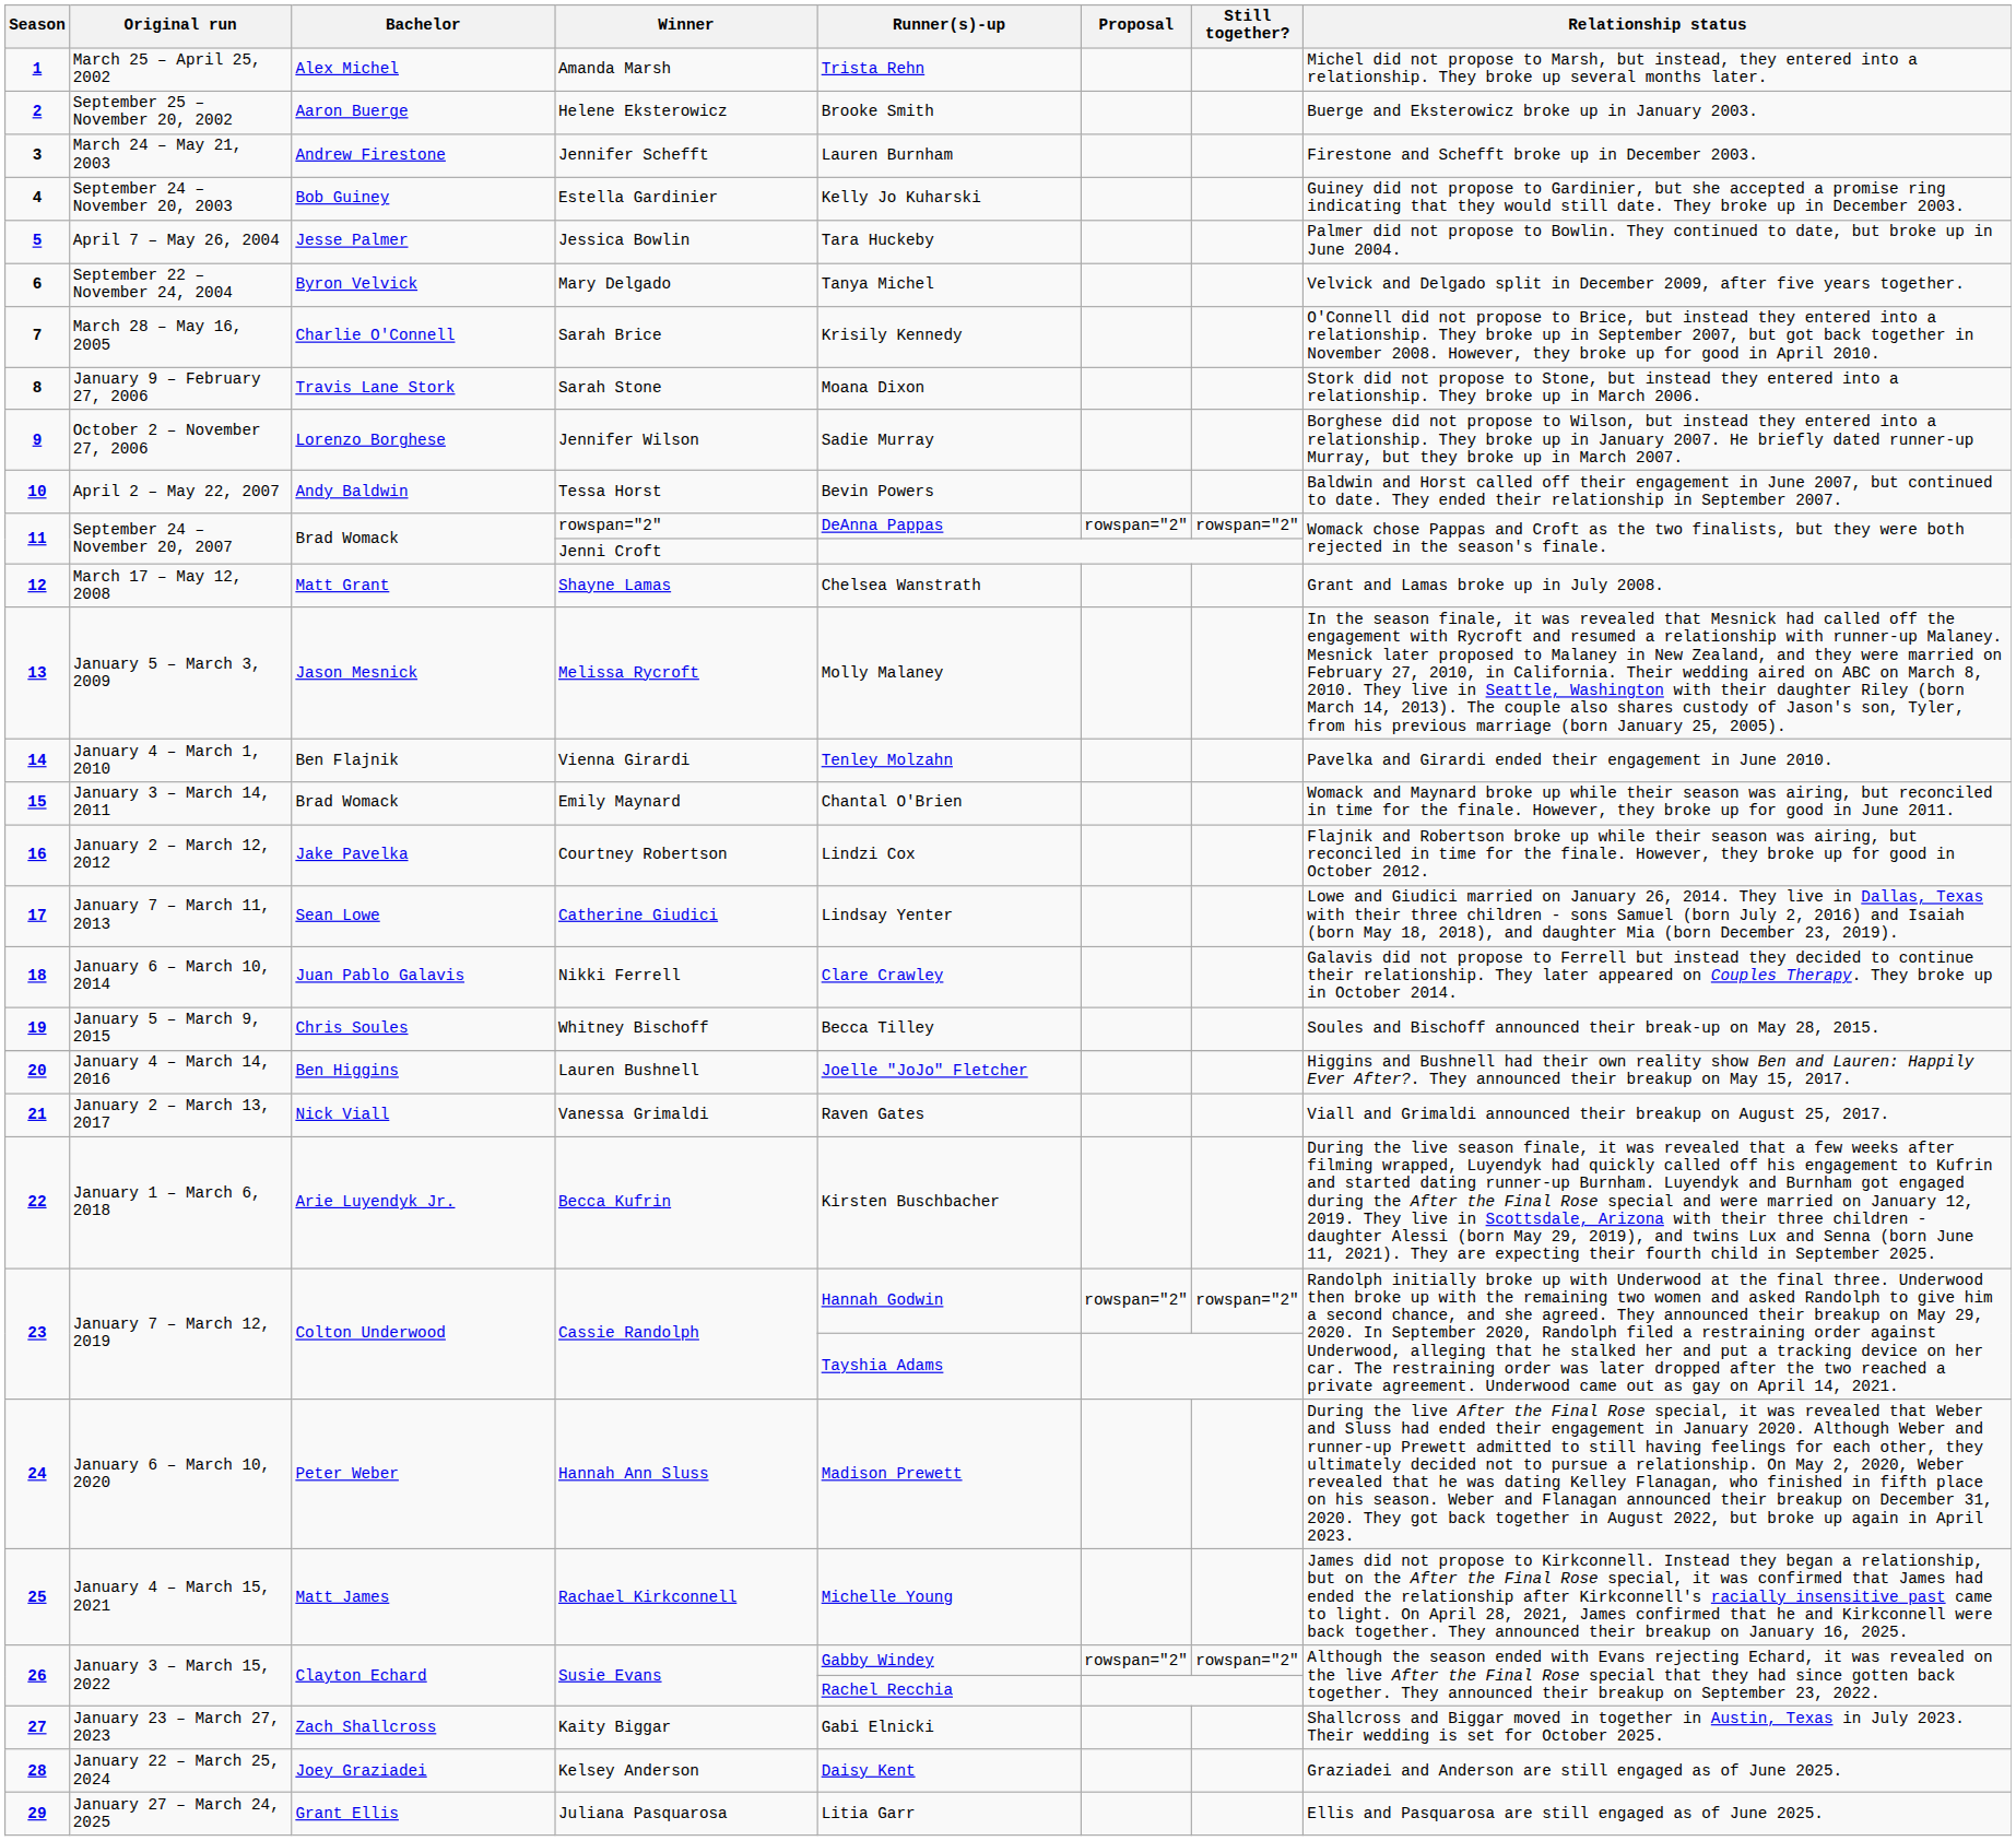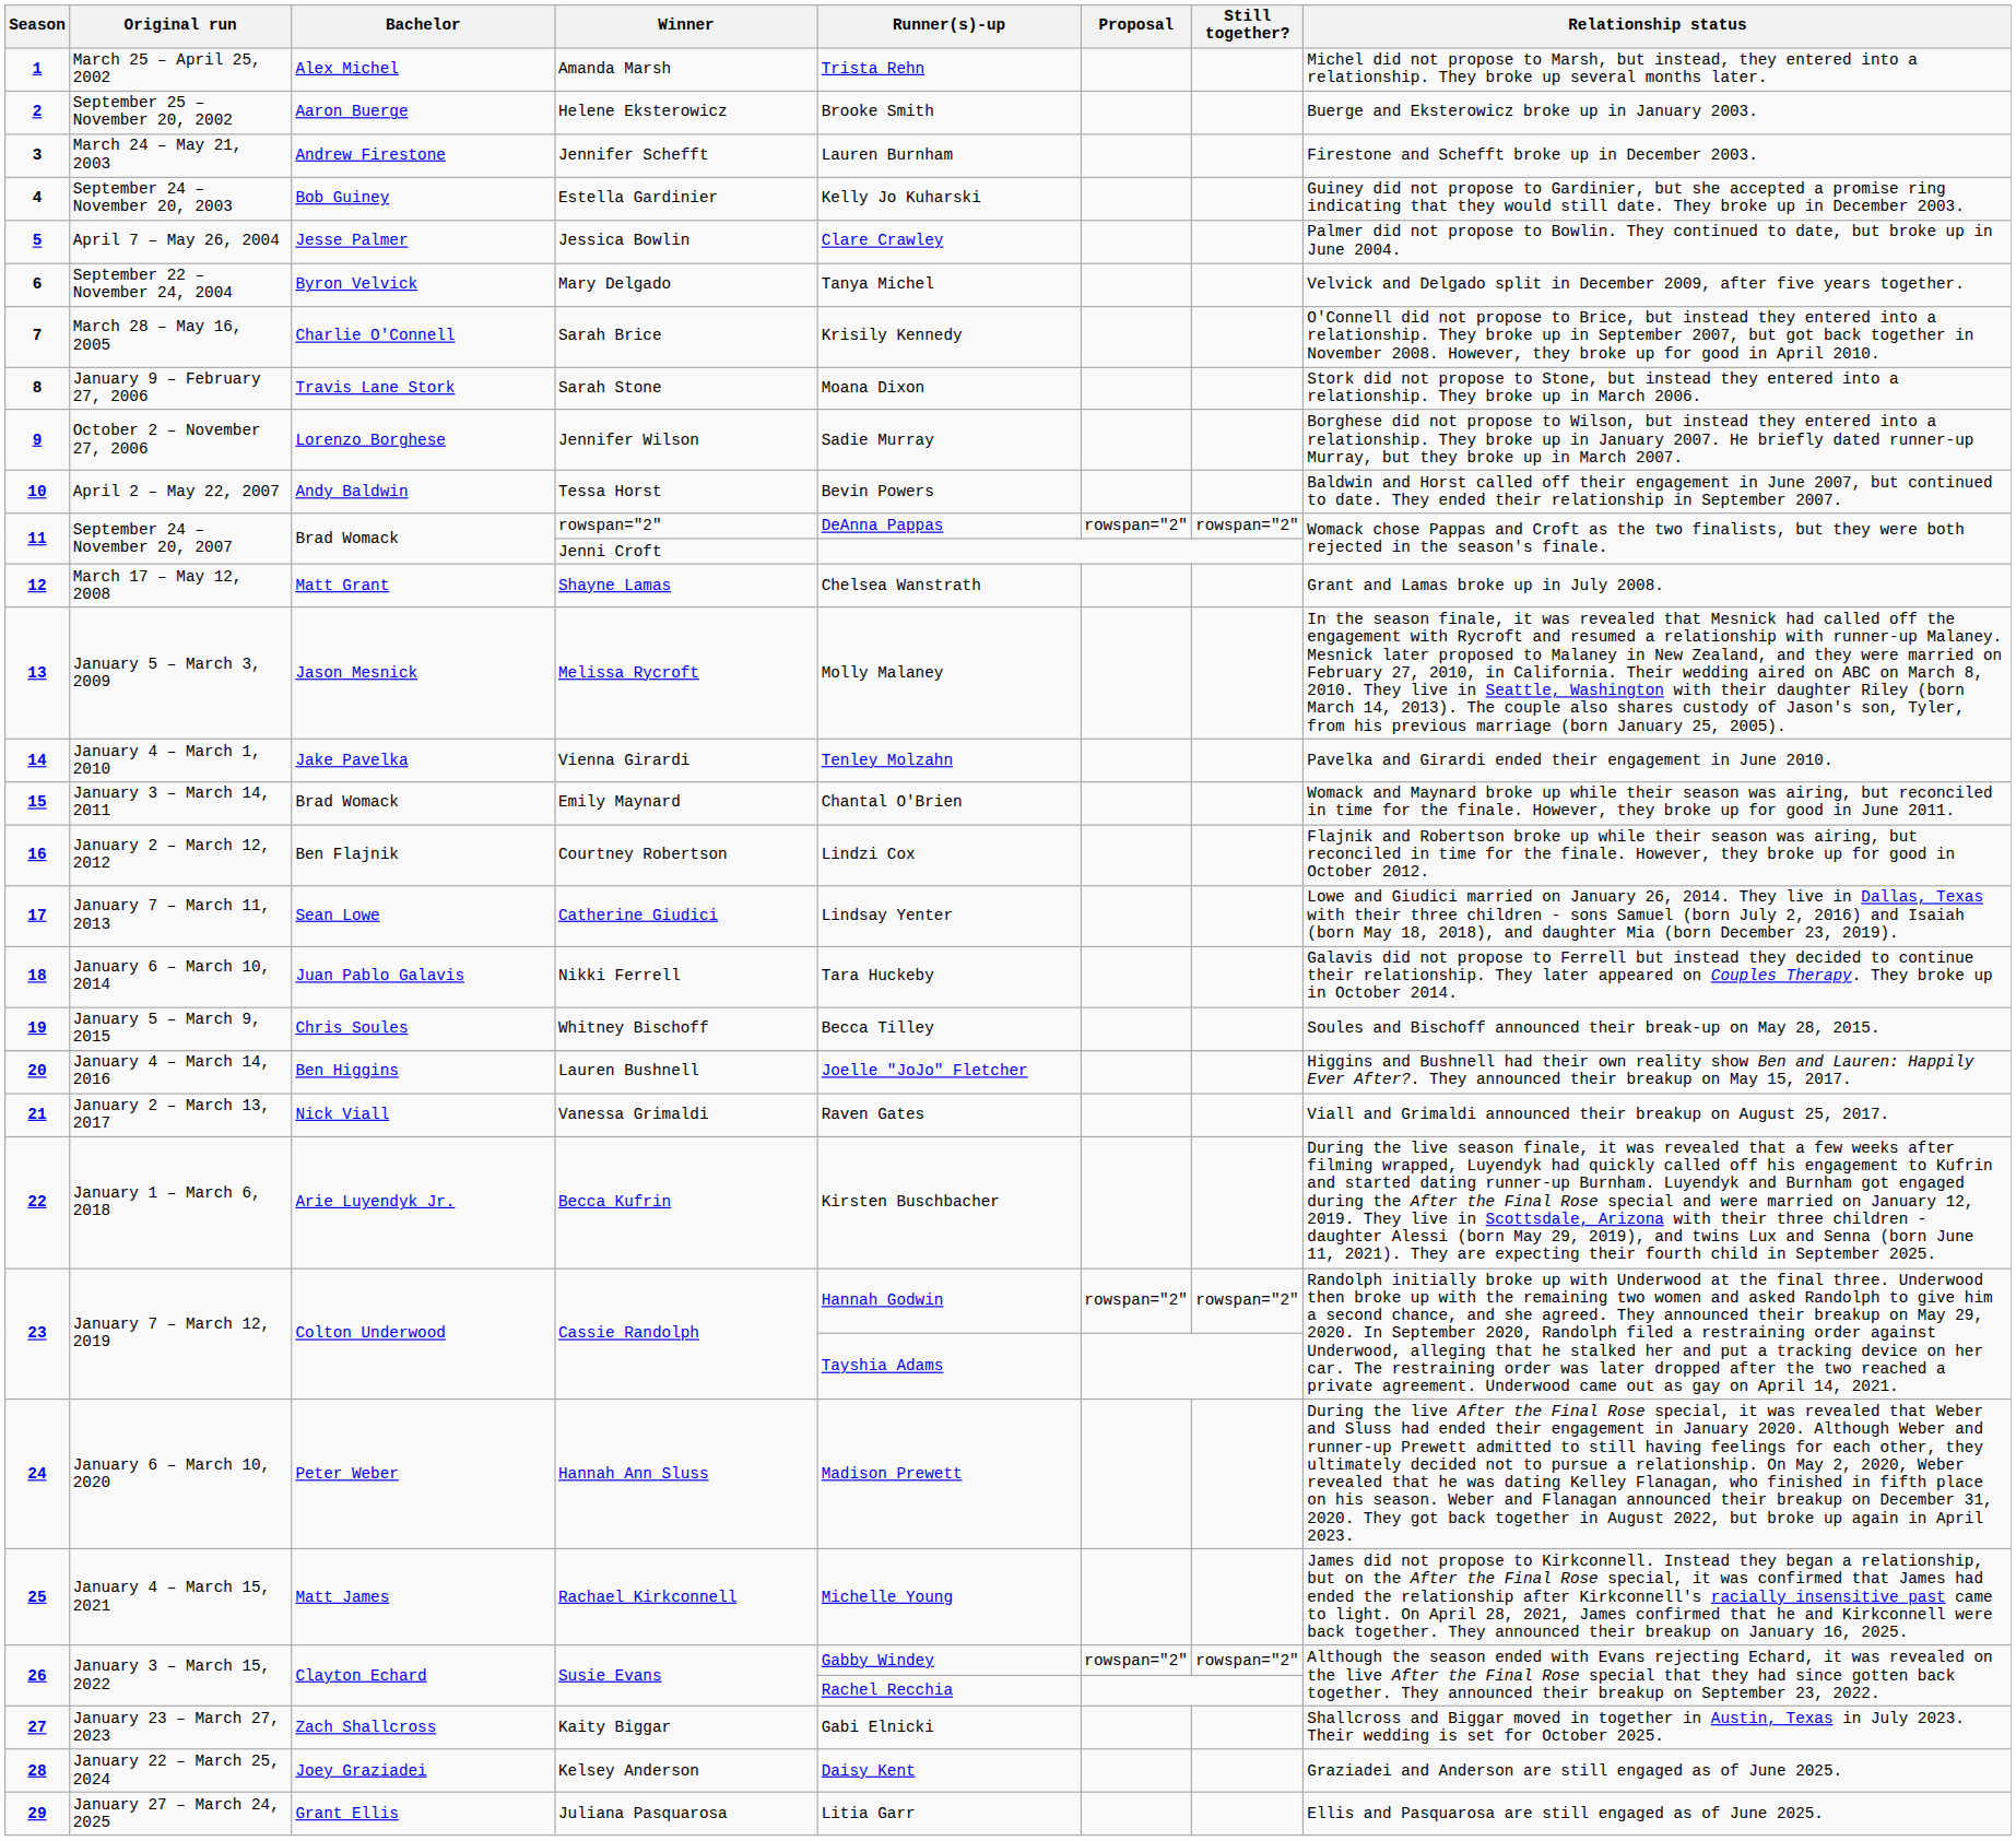 <table class="wikitable plainrowheaders" style="font-size:95%; width:100%;">
 <tr>
 <th scope="col" width=2%>Season</th>
 <th scope="col" width=11%>Original run</th>
 <th scope="col" width=13%>Bachelor</th>
 <th scope="col" width=13%>Winner</th>
 <th scope="col" width=13%>Runner(s)-up</th>
 <th scope="col" width=3%>Proposal</th>
 <th scope="col" width=5%>Still together?</th>
 <th scope="col" width=35%>Relationship status</th>
 </tr>
 <tr>
 <td style="text-align:center;"><strong><a href='#'>1</a></strong></td>
 <td>March 25 – April 25, 2002</td>
 <td><a href='#'>Alex Michel</a></td>
 <td>Amanda Marsh</td>
 <td><a href='#'>Trista Rehn</a></td>
 <td></td>
 <td></td>
 <td>Michel did not propose to Marsh, but instead, they entered into a relationship. They broke up several months later.</td>
 </tr>
 <tr>
 <td style="text-align:center;"><strong><a href='#'>2</a></strong></td>
 <td>September 25 – November 20, 2002</td>
 <td><a href='#'>Aaron Buerge</a></td>
 <td>Helene Eksterowicz</td>
 <td>Brooke Smith</td>
 <td></td>
 <td></td>
 <td>Buerge and Eksterowicz broke up in January 2003.</td>
 </tr>
 <tr>
 <td style="text-align:center;"><strong>3</strong></td>
 <td>March 24 – May 21, 2003</td>
 <td><a href='#'>Andrew Firestone</a></td>
 <td>Jennifer Schefft</td>
 <td>Lauren Burnham</td>
 <td></td>
 <td></td>
 <td>Firestone and Schefft broke up in December 2003.</td>
 </tr>
 <tr>
 <td style="text-align:center;"><strong>4</strong></td>
 <td>September 24 – November 20, 2003</td>
 <td><a href='#'>Bob Guiney</a></td>
 <td>Estella Gardinier</td>
 <td>Kelly Jo Kuharski</td>
 <td></td>
 <td></td>
 <td>Guiney did not propose to Gardinier, but she accepted a promise ring indicating that they would still date. They broke up in December 2003.</td>
 </tr>
 <tr>
 <td style="text-align:center;"><strong><a href='#'>5</a></strong></td>
 <td>April 7 – May 26, 2004</td>
 <td><a href='#'>Jesse Palmer</a></td>
 <td>Jessica Bowlin</td>
-<td>Tara Huckeby</td>
+<td><a href='#'>Clare Crawley</a></td>
 <td></td>
 <td></td>
 <td>Palmer did not propose to Bowlin. They continued to date, but broke up in June 2004.</td>
 </tr>
 <tr>
 <td style="text-align:center;"><strong>6</strong></td>
 <td>September 22 – November 24, 2004</td>
 <td><a href='#'>Byron Velvick</a></td>
 <td>Mary Delgado</td>
 <td>Tanya Michel</td>
 <td></td>
 <td></td>
 <td>Velvick and Delgado split in December 2009, after five years together.</td>
 </tr>
 <tr>
 <td style="text-align:center;"><strong>7</strong></td>
 <td>March 28 – May 16, 2005</td>
 <td><a href='#'>Charlie O'Connell</a></td>
 <td>Sarah Brice</td>
 <td>Krisily Kennedy</td>
 <td></td>
 <td></td>
 <td>O'Connell did not propose to Brice, but instead they entered into a relationship. They broke up in September 2007, but got back together in November 2008. However, they broke up for good in April 2010.</td>
 </tr>
 <tr>
 <td style="text-align:center;"><strong>8</strong></td>
 <td>January 9 – February 27, 2006</td>
 <td><a href='#'>Travis Lane Stork</a></td>
 <td>Sarah Stone</td>
 <td>Moana Dixon</td>
 <td></td>
 <td></td>
 <td>Stork did not propose to Stone, but instead they entered into a relationship. They broke up in March 2006.</td>
 </tr>
 <tr>
 <td style="text-align:center;"><strong><a href='#'>9</a></strong></td>
 <td>October 2 – November 27, 2006</td>
 <td><a href='#'>Lorenzo Borghese</a></td>
 <td>Jennifer Wilson</td>
 <td>Sadie Murray</td>
 <td></td>
 <td></td>
 <td>Borghese did not propose to Wilson, but instead they entered into a relationship. They broke up in January 2007. He briefly dated runner-up Murray, but they broke up in March 2007.</td>
 </tr>
 <tr>
 <td style="text-align:center;"><strong><a href='#'>10</a></strong></td>
 <td>April 2 – May 22, 2007</td>
 <td><a href='#'>Andy Baldwin</a></td>
 <td>Tessa Horst</td>
 <td>Bevin Powers</td>
 <td></td>
 <td></td>
 <td>Baldwin and Horst called off their engagement in June 2007, but continued to date. They ended their relationship in September 2007.</td>
 </tr>
 <tr>
 <td rowspan="2" style="text-align:center;"><strong><a href='#'>11</a></strong></td>
 <td rowspan="2">September 24 – November 20, 2007</td>
 <td rowspan="2">Brad Womack</td>
 <td>rowspan="2" </td>
 <td><a href='#'>DeAnna Pappas</a></td>
 <td>rowspan="2" </td>
 <td>rowspan="2" </td>
 <td rowspan="2">Womack chose Pappas and Croft as the two finalists, but they were both rejected in the season's finale.</td>
 </tr>
 <tr>
 <td>Jenni Croft</td>
 </tr>
 <tr>
 <td style="text-align:center;"><strong><a href='#'>12</a></strong></td>
 <td>March 17 – May 12, 2008</td>
 <td><a href='#'>Matt Grant</a></td>
 <td><a href='#'>Shayne Lamas</a></td>
 <td>Chelsea Wanstrath</td>
 <td></td>
 <td></td>
 <td>Grant and Lamas broke up in July 2008.</td>
 </tr>
 <tr>
 <td style="text-align:center;"><strong><a href='#'>13</a></strong></td>
 <td>January 5 – March 3, 2009</td>
 <td><a href='#'>Jason Mesnick</a></td>
 <td><a href='#'>Melissa Rycroft</a></td>
 <td>Molly Malaney</td>
 <td></td>
 <td></td>
 <td>In the season finale, it was revealed that Mesnick had called off the engagement with Rycroft and resumed a relationship with runner-up Malaney. Mesnick later proposed to Malaney in New Zealand, and they were married on February 27, 2010, in California. Their wedding aired on ABC on March 8, 2010. They live in <a href='#'>Seattle, Washington</a> with their daughter Riley (born March 14, 2013). The couple also shares custody of Jason's son, Tyler, from his previous marriage (born January 25, 2005).</td>
 </tr>
 <tr>
 <td style="text-align:center;"><strong><a href='#'>14</a></strong></td>
 <td>January 4 – March 1, 2010</td>
-<td>Ben Flajnik</td>
+<td><a href='#'>Jake Pavelka</a></td>
 <td>Vienna Girardi</td>
 <td><a href='#'>Tenley Molzahn</a></td>
 <td></td>
 <td></td>
 <td>Pavelka and Girardi ended their engagement in June 2010.</td>
 </tr>
 <tr>
 <td style="text-align:center;"><strong><a href='#'>15</a></strong></td>
 <td>January 3 – March 14, 2011</td>
 <td>Brad Womack</td>
 <td>Emily Maynard</td>
 <td>Chantal O'Brien</td>
 <td></td>
 <td></td>
 <td>Womack and Maynard broke up while their season was airing, but reconciled in time for the finale. However, they broke up for good in June 2011.</td>
 </tr>
 <tr>
 <td style="text-align:center;"><strong><a href='#'>16</a></strong></td>
 <td>January 2 – March 12, 2012</td>
-<td><a href='#'>Jake Pavelka</a></td>
+<td>Ben Flajnik</td>
 <td>Courtney Robertson</td>
 <td>Lindzi Cox</td>
 <td></td>
 <td></td>
 <td>Flajnik and Robertson broke up while their season was airing, but reconciled in time for the finale. However, they broke up for good in October 2012.</td>
 </tr>
 <tr>
 <td style="text-align:center;"><strong><a href='#'>17</a></strong></td>
 <td>January 7 – March 11, 2013</td>
 <td><a href='#'>Sean Lowe</a></td>
 <td><a href='#'>Catherine Giudici</a></td>
 <td>Lindsay Yenter</td>
 <td></td>
 <td></td>
 <td>Lowe and Giudici married on January 26, 2014. They live in <a href='#'>Dallas, Texas</a> with their three children - sons Samuel (born July 2, 2016) and Isaiah (born May 18, 2018), and daughter Mia (born December 23, 2019).</td>
 </tr>
 <tr>
 <td style="text-align:center;"><strong><a href='#'>18</a></strong></td>
 <td>January 6 – March 10, 2014</td>
 <td><a href='#'>Juan Pablo Galavis</a></td>
 <td>Nikki Ferrell</td>
-<td><a href='#'>Clare Crawley</a></td>
+<td>Tara Huckeby</td>
 <td></td>
 <td></td>
 <td>Galavis did not propose to Ferrell but instead they decided to continue their relationship. They later appeared on <em><a href='#'>Couples Therapy</a></em>. They broke up in October 2014.</td>
 </tr>
 <tr>
 <td style="text-align:center;"><strong><a href='#'>19</a></strong></td>
 <td>January 5 – March 9, 2015</td>
 <td><a href='#'>Chris Soules</a></td>
 <td>Whitney Bischoff</td>
 <td>Becca Tilley</td>
 <td></td>
 <td></td>
 <td>Soules and Bischoff announced their break-up on May 28, 2015.</td>
 </tr>
 <tr>
 </tr>
 <tr>
 <td style="text-align:center;"><strong><a href='#'>20</a></strong></td>
 <td>January 4 – March 14, 2016</td>
 <td><a href='#'>Ben Higgins</a></td>
 <td>Lauren Bushnell</td>
 <td><a href='#'>Joelle "JoJo" Fletcher</a></td>
 <td></td>
 <td></td>
 <td>Higgins and Bushnell had their own reality show <em>Ben and Lauren: Happily Ever After?</em>. They announced their breakup on May 15, 2017.</td>
 </tr>
 <tr>
 <td style="text-align:center;"><strong><a href='#'>21</a></strong></td>
 <td>January 2 – March 13, 2017</td>
 <td><a href='#'>Nick Viall</a></td>
 <td>Vanessa Grimaldi</td>
 <td>Raven Gates</td>
 <td></td>
 <td></td>
 <td>Viall and Grimaldi announced their breakup on August 25, 2017.</td>
 </tr>
 <tr>
 <td style="text-align:center;"><strong><a href='#'>22</a></strong></td>
 <td>January 1 – March 6, 2018</td>
 <td><a href='#'>Arie Luyendyk Jr.</a></td>
 <td><a href='#'>Becca Kufrin</a></td>
 <td>Kirsten Buschbacher</td>
 <td></td>
 <td></td>
 <td>During the live season finale, it was revealed that a few weeks after filming wrapped, Luyendyk had quickly called off his engagement to Kufrin and started dating runner-up Burnham. Luyendyk and Burnham got engaged during the <em>After the Final Rose</em> special and were married on January 12, 2019. They live in <a href='#'>Scottsdale, Arizona</a> with their three children - daughter Alessi (born May 29, 2019), and twins Lux and Senna (born June 11, 2021). They are expecting their fourth child in September 2025.</td>
 </tr>
 <tr>
 <td rowspan="2"style="text-align:center;"><strong><a href='#'>23</a></strong></td>
 <td rowspan="2">January 7 – March 12, 2019</td>
 <td rowspan="2"><a href='#'>Colton Underwood</a></td>
 <td rowspan="2"><a href='#'>Cassie Randolph</a></td>
 <td><a href='#'>Hannah Godwin</a></td>
 <td>rowspan="2"</td>
 <td>rowspan="2"</td>
 <td rowspan="2">Randolph initially broke up with Underwood at the final three. Underwood then broke up with the remaining two women and asked Randolph to give him a second chance, and she agreed. They announced their breakup on May 29, 2020. In September 2020, Randolph filed a restraining order against Underwood, alleging that he stalked her and put a tracking device on her car. The restraining order was later dropped after the two reached a private agreement. Underwood came out as gay on April 14, 2021.</td>
 </tr>
 <tr>
 <td><a href='#'>Tayshia Adams</a></td>
 </tr>
 <tr>
 <td style="text-align:center;"><strong><a href='#'>24</a></strong></td>
 <td>January 6 – March 10, 2020</td>
 <td><a href='#'>Peter Weber</a></td>
 <td><a href='#'>Hannah Ann Sluss</a></td>
 <td><a href='#'>Madison Prewett</a></td>
 <td></td>
 <td></td>
 <td>During the live <em>After the Final Rose</em> special, it was revealed that Weber and Sluss had ended their engagement in January 2020. Although Weber and runner-up Prewett admitted to still having feelings for each other, they ultimately decided not to pursue a relationship. On May 2, 2020, Weber revealed that he was dating Kelley Flanagan, who finished in fifth place on his season. Weber and Flanagan announced their breakup on December 31, 2020. They got back together in August 2022, but broke up again in April 2023.</td>
 </tr>
 <tr>
 <td style="text-align:center;"><strong><a href='#'>25</a></strong></td>
 <td>January 4 – March 15, 2021</td>
 <td><a href='#'>Matt James</a></td>
 <td><a href='#'>Rachael Kirkconnell</a></td>
 <td><a href='#'>Michelle Young</a></td>
 <td></td>
 <td></td>
 <td>James did not propose to Kirkconnell. Instead they began a relationship, but on the <em>After the Final Rose</em> special, it was confirmed that James had ended the relationship after Kirkconnell's <a href='#'>racially insensitive past</a> came to light. On April 28, 2021, James confirmed that he and Kirkconnell were back together. They announced their breakup on January 16, 2025.</td>
 </tr>
 <tr>
 <td rowspan="2" style="text-align:center;"><strong><a href='#'>26</a></strong></td>
 <td rowspan="2">January 3 – March 15, 2022</td>
 <td rowspan="2"><a href='#'>Clayton Echard</a></td>
 <td rowspan="2"><a href='#'>Susie Evans</a></td>
 <td><a href='#'>Gabby Windey</a></td>
 <td>rowspan="2" </td>
 <td>rowspan="2" </td>
 <td rowspan="2">Although the season ended with Evans rejecting Echard, it was revealed on the live <em>After the Final Rose</em> special that they had since gotten back together. They announced their breakup on September 23, 2022.</td>
 </tr>
 <tr>
 <td><a href='#'>Rachel Recchia</a></td>
 </tr>
 <tr>
 <td style="text-align:center;"><strong><a href='#'>27</a></strong></td>
 <td>January 23 – March 27, 2023</td>
 <td><a href='#'>Zach Shallcross</a></td>
 <td>Kaity Biggar</td>
 <td>Gabi Elnicki</td>
 <td></td>
 <td></td>
 <td>Shallcross and Biggar moved in together in <a href='#'>Austin, Texas</a> in July 2023. Their wedding is set for October 2025.</td>
 </tr>
 <tr>
 <td style="text-align:center;"><strong><a href='#'>28</a></strong></td>
 <td>January 22 – March 25, 2024</td>
 <td><a href='#'>Joey Graziadei</a></td>
 <td>Kelsey Anderson</td>
 <td><a href='#'>Daisy Kent</a></td>
 <td></td>
 <td></td>
 <td>Graziadei and Anderson are still engaged as of June 2025.</td>
 </tr>
 <tr>
 <td style="text-align:center;"><strong><a href='#'>29</a></strong></td>
 <td>January 27 – March 24, 2025</td>
 <td><a href='#'>Grant Ellis</a></td>
 <td>Juliana Pasquarosa</td>
 <td>Litia Garr</td>
 <td></td>
 <td></td>
 <td>Ellis and Pasquarosa are still engaged as of June 2025.</td>
 </tr>
 </table>
